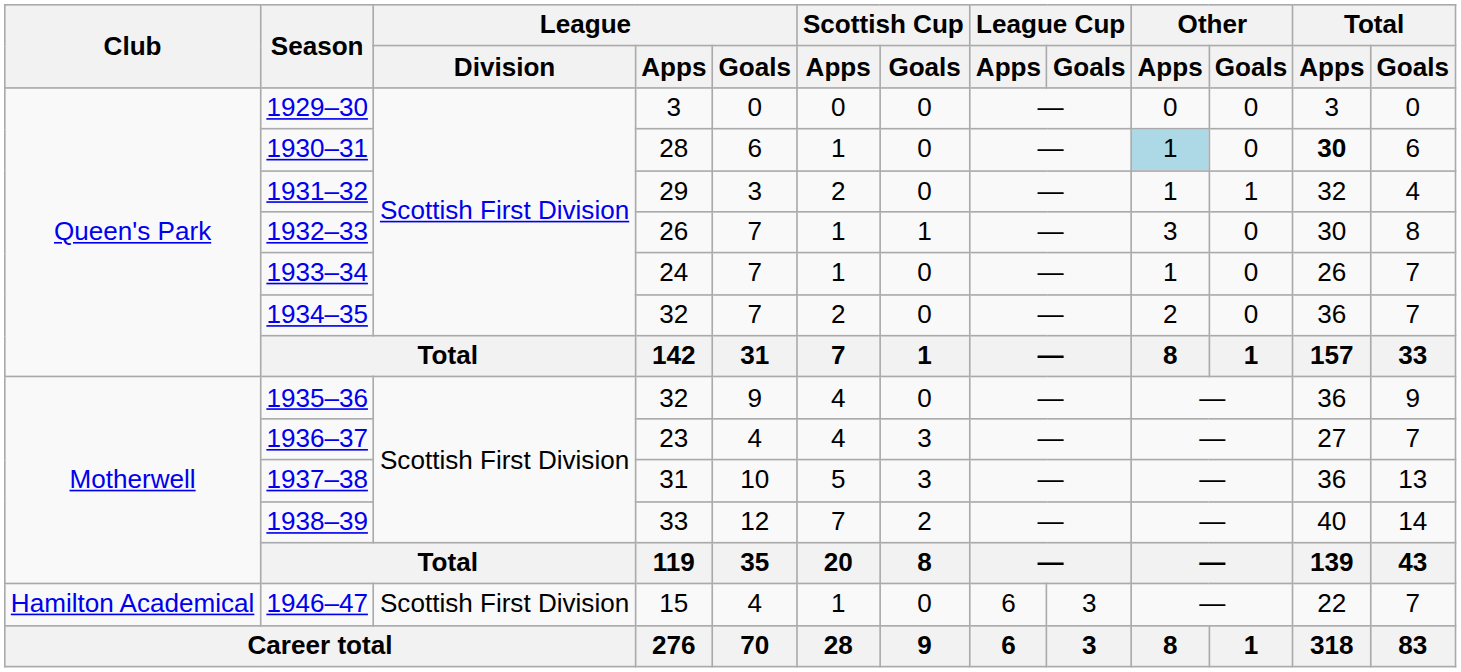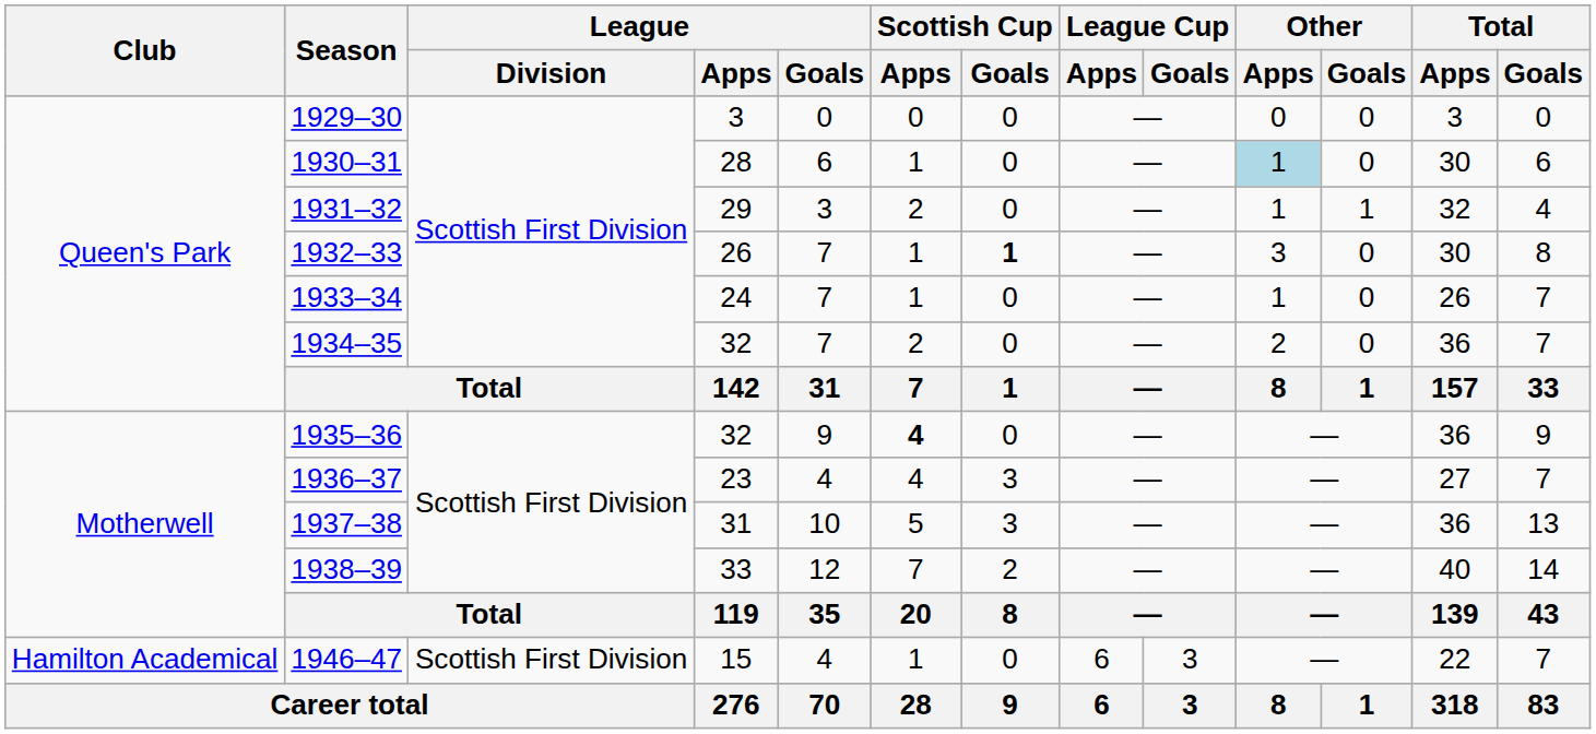 <table class="wikitable" style="text-align:center">
 <tr>
 <th rowspan="2">Club</th>
 <th rowspan="2">Season</th>
 <th colspan="3">League</th>
 <th colspan="2">Scottish Cup</th>
 <th colspan="2">League Cup</th>
 <th colspan="2">Other</th>
 <th colspan="2">Total</th>
 </tr>
 <tr>
 <th>Division</th>
 <th>Apps</th>
 <th>Goals</th>
 <th>Apps</th>
 <th>Goals</th>
 <th>Apps</th>
 <th>Goals</th>
 <th>Apps</th>
 <th>Goals</th>
 <th>Apps</th>
 <th>Goals</th>
 </tr>
 <tr>
 <td rowspan="7"><a href='#'>Queen's Park</a></td>
 <td><a href='#'>1929–30</a></td>
 <td rowspan="6"><a href='#'>Scottish First Division</a></td>
 <td>3</td>
 <td>0</td>
 <td>0</td>
 <td>0</td>
 <td colspan="2">―</td>
 <td>0</td>
 <td>0</td>
 <td>3</td>
 <td>0</td>
 </tr>
 <tr>
 <td><a href='#'>1930–31</a></td>
 <td>28</td>
 <td>6</td>
 <td>1</td>
 <td>0</td>
 <td colspan="2">―</td>
 <td style="background: lightblue;">1</td>
 <td>0</td>
-<td><strong>30</strong></td>
+<td>30</td>
 <td>6</td>
 </tr>
 <tr>
 <td><a href='#'>1931–32</a></td>
 <td>29</td>
 <td>3</td>
 <td>2</td>
 <td>0</td>
 <td colspan="2">―</td>
 <td>1</td>
 <td>1</td>
 <td>32</td>
 <td>4</td>
 </tr>
 <tr>
 <td><a href='#'>1932–33</a></td>
 <td>26</td>
 <td>7</td>
 <td>1</td>
-<td>1</td>
+<td><strong>1</strong></td>
 <td colspan="2">―</td>
 <td>3</td>
 <td>0</td>
 <td>30</td>
 <td>8</td>
 </tr>
 <tr>
 <td><a href='#'>1933–34</a></td>
 <td>24</td>
 <td>7</td>
 <td>1</td>
 <td>0</td>
 <td colspan="2">―</td>
 <td>1</td>
 <td>0</td>
 <td>26</td>
 <td>7</td>
 </tr>
 <tr>
 <td><a href='#'>1934–35</a></td>
 <td>32</td>
 <td>7</td>
 <td>2</td>
 <td>0</td>
 <td colspan="2">―</td>
 <td>2</td>
 <td>0</td>
 <td>36</td>
 <td>7</td>
 </tr>
 <tr>
 <th colspan="2">Total</th>
 <th>142</th>
 <th>31</th>
 <th>7</th>
 <th>1</th>
 <th colspan="2">―</th>
 <th>8</th>
 <th>1</th>
 <th>157</th>
 <th>33</th>
 </tr>
 <tr>
 <td rowspan="5"><a href='#'>Motherwell</a></td>
 <td><a href='#'>1935–36</a></td>
 <td rowspan="4">Scottish First Division</td>
 <td>32</td>
 <td>9</td>
-<td>4</td>
+<td><strong>4</strong></td>
 <td>0</td>
 <td colspan="2">―</td>
 <td colspan="2">―</td>
 <td>36</td>
 <td>9</td>
 </tr>
 <tr>
 <td><a href='#'>1936–37</a></td>
 <td>23</td>
 <td>4</td>
 <td>4</td>
 <td>3</td>
 <td colspan="2">―</td>
 <td colspan="2">―</td>
 <td>27</td>
 <td>7</td>
 </tr>
 <tr>
 <td><a href='#'>1937–38</a></td>
 <td>31</td>
 <td>10</td>
 <td>5</td>
 <td>3</td>
 <td colspan="2">―</td>
 <td colspan="2">―</td>
 <td>36</td>
 <td>13</td>
 </tr>
 <tr>
 <td><a href='#'>1938–39</a></td>
 <td>33</td>
 <td>12</td>
 <td>7</td>
 <td>2</td>
 <td colspan="2">―</td>
 <td colspan="2">―</td>
 <td>40</td>
 <td>14</td>
 </tr>
 <tr>
 <th colspan="2">Total</th>
 <th>119</th>
 <th>35</th>
 <th>20</th>
 <th>8</th>
 <th colspan="2">―</th>
 <th colspan="2">―</th>
 <th>139</th>
 <th>43</th>
 </tr>
 <tr>
 <td><a href='#'>Hamilton Academical</a></td>
 <td><a href='#'>1946–47</a></td>
 <td>Scottish First Division</td>
 <td>15</td>
 <td>4</td>
 <td>1</td>
 <td>0</td>
 <td>6</td>
 <td>3</td>
 <td colspan="2">―</td>
 <td>22</td>
 <td>7</td>
 </tr>
 <tr>
 <th colspan="3">Career total</th>
 <th>276</th>
 <th>70</th>
 <th>28</th>
 <th>9</th>
 <th>6</th>
 <th>3</th>
 <th>8</th>
 <th>1</th>
 <th>318</th>
 <th>83</th>
 </tr>
 </table>
